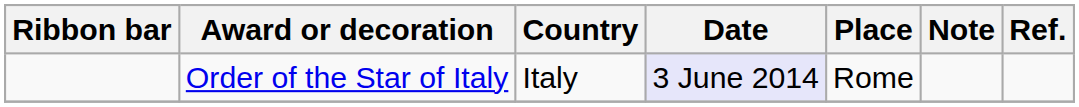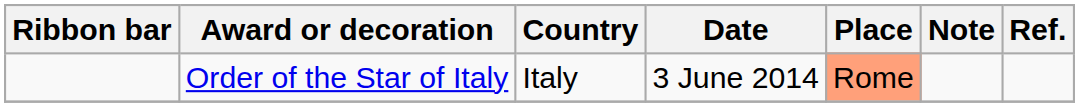 <table class="wikitable sortable" style="font-size: 90%;">
 <tr>
 <th class="unsortable">Ribbon bar</th>
 <th>Award or decoration</th>
 <th>Country</th>
 <th>Date</th>
 <th>Place</th>
 <th class="unsortable">Note</th>
 <th class="unsortable">Ref.</th>
 </tr>
 <tr>
 <td></td>
 <td><a href='#'>Order of the Star of Italy</a></td>
 <td>Italy</td>
-<td align=center style="background: lavender;"> 3 June 2014</td>
-<td>Rome</td>
+<td align=center> 3 June 2014</td>
+<td style="background: lightsalmon;">Rome</td>
 <td></td>
 <td></td>
 </tr>
 <tr>
 </tr>
 </table>
